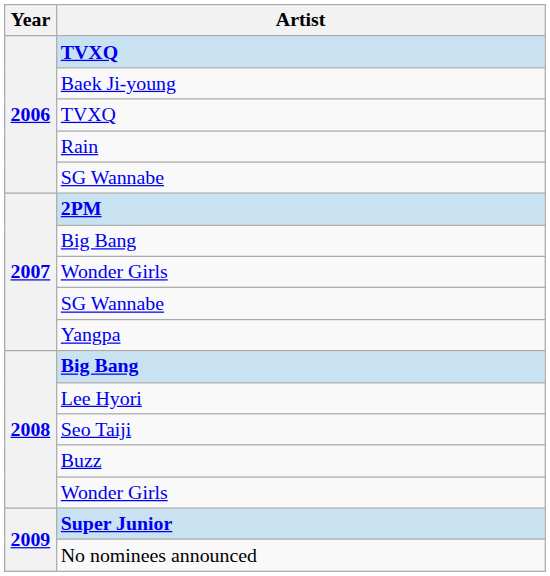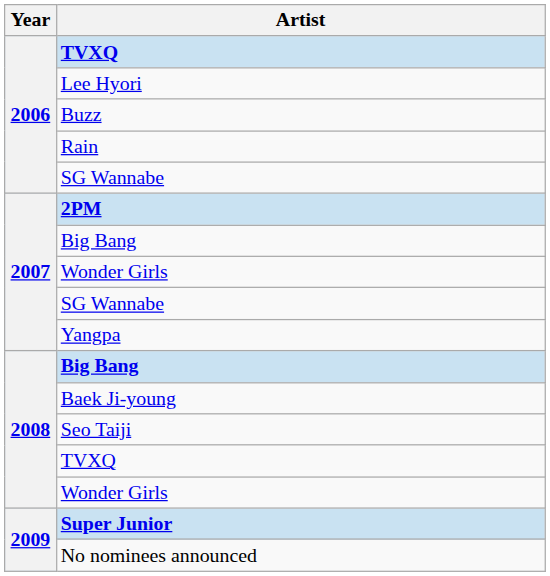 <table class="wikitable" width="70%">
 <tr>
 <th width="8%">Year</th>
 <th width="85%">Artist</th>
 </tr>
 <tr style="background:#c9e2f2">
 <th rowspan="5"><a href='#'>2006</a></th>
 <td><strong><a href='#'>TVXQ</a></strong></td>
 </tr>
 <tr>
-<td><a href='#'>Baek Ji-young</a></td>
+<td><a href='#'>Lee Hyori</a></td>
 </tr>
 <tr>
-<td><a href='#'>TVXQ</a></td>
+<td><a href='#'>Buzz</a></td>
 </tr>
 <tr>
 <td><a href='#'>Rain</a></td>
 </tr>
 <tr>
 <td><a href='#'>SG Wannabe</a></td>
 </tr>
 <tr style="background:#c9e2f2">
 <th rowspan="5"><a href='#'>2007</a></th>
 <td><strong><a href='#'>2PM</a></strong></td>
 </tr>
 <tr>
 <td><a href='#'>Big Bang</a></td>
 </tr>
 <tr>
 <td><a href='#'>Wonder Girls</a></td>
 </tr>
 <tr>
 <td><a href='#'>SG Wannabe</a></td>
 </tr>
 <tr>
 <td><a href='#'>Yangpa</a></td>
 </tr>
 <tr style="background:#c9e2f2">
 <th rowspan="5"><a href='#'>2008</a></th>
 <td><a href='#'><strong>Big Bang</strong></a></td>
 </tr>
 <tr>
-<td><a href='#'>Lee Hyori</a></td>
+<td><a href='#'>Baek Ji-young</a></td>
 </tr>
 <tr>
 <td><a href='#'>Seo Taiji</a></td>
 </tr>
 <tr>
-<td><a href='#'>Buzz</a></td>
+<td><a href='#'>TVXQ</a></td>
 </tr>
 <tr>
 <td><a href='#'>Wonder Girls</a></td>
 </tr>
 <tr style="background:#c9e2f2">
 <th rowspan="2"><a href='#'>2009</a></th>
 <td><strong><a href='#'>Super Junior</a></strong></td>
 </tr>
 <tr>
 <td>No nominees announced</td>
 </tr>
 </table>
